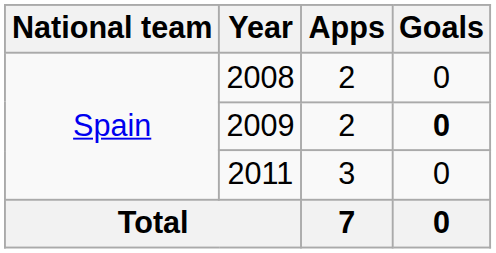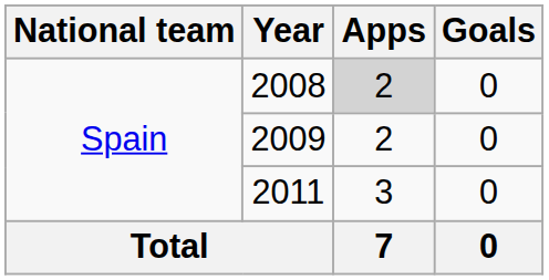 <table class="wikitable" style="text-align: center;">
 <tr>
 <th>National team</th>
 <th>Year</th>
 <th>Apps</th>
 <th>Goals</th>
 </tr>
 <tr>
 <td rowspan="3"><a href='#'>Spain</a></td>
 <td>2008</td>
-<td>2</td>
+<td style="background: lightgrey;">2</td>
 <td>0</td>
 </tr>
 <tr>
 <td>2009</td>
 <td>2</td>
-<td><strong>0</strong></td>
+<td>0</td>
 </tr>
 <tr>
 <td>2011</td>
 <td>3</td>
 <td>0</td>
 </tr>
 <tr>
 <th colspan="2">Total</th>
 <th>7</th>
 <th>0</th>
 </tr>
 </table>
